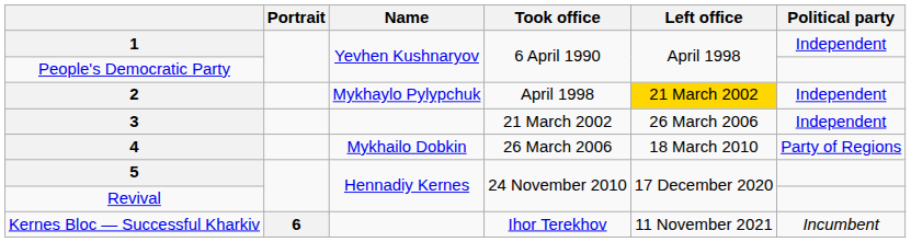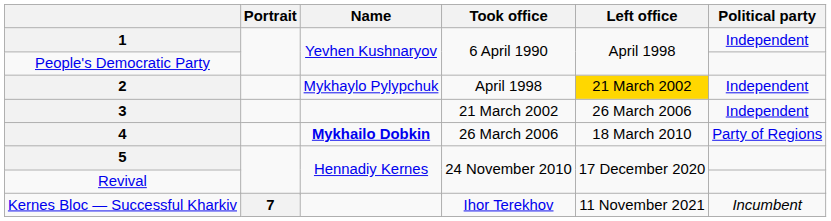 <table class="wikitable" style="text-align:center">
 <tr>
 <th></th>
 <th>Portrait</th>
 <th>Name</th>
 <th>Took office</th>
 <th>Left office</th>
 <th>Political party</th>
 </tr>
 <tr>
 <th style="background:">1</th>
 <td rowspan=2></td>
 <td rowspan=2><a href='#'>Yevhen Kushnaryov</a></td>
 <td rowspan=2>6 April 1990</td>
 <td rowspan=2>April 1998</td>
 <td><a href='#'>Independent</a></td>
 </tr>
 <tr>
 <td><a href='#'>People's Democratic Party</a></td>
 </tr>
 <tr>
 <th style="background:">2</th>
 <td></td>
 <td><a href='#'>Mykhaylo Pylypchuk</a></td>
 <td>April 1998</td>
 <td style="background: gold;">21 March 2002</td>
 <td><a href='#'>Independent</a></td>
 </tr>
 <tr>
 <th style="background:">3</th>
 <td></td>
 <td></td>
 <td>21 March 2002</td>
 <td>26 March 2006</td>
 <td><a href='#'>Independent</a></td>
 </tr>
 <tr>
 <th style="background:">4</th>
 <td></td>
-<td><a href='#'>Mykhailo Dobkin</a></td>
+<td><strong><a href='#'>Mykhailo Dobkin</a></strong></td>
 <td>26 March 2006</td>
 <td>18 March 2010</td>
 <td><a href='#'>Party of Regions</a></td>
 </tr>
 <tr>
 <th style="background:">5</th>
 <td rowspan=3></td>
 <td rowspan=3><a href='#'>Hennadiy Kernes</a></td>
 <td rowspan=3>24 November 2010</td>
 <td rowspan=3>17 December 2020</td>
 <td></td>
 </tr>
 <tr>
 <td><a href='#'>Revival</a></td>
 </tr>
 <tr>
 <td rowspan=2><a href='#'>Kernes Bloc — Successful Kharkiv</a></td>
 </tr>
 <tr>
-<th style="background:">6</th>
+<th style="background:">7</th>
 <td></td>
 <td><a href='#'>Ihor Terekhov</a></td>
 <td>11 November 2021</td>
 <td><em>Incumbent</em></td>
 </tr>
 </table>
